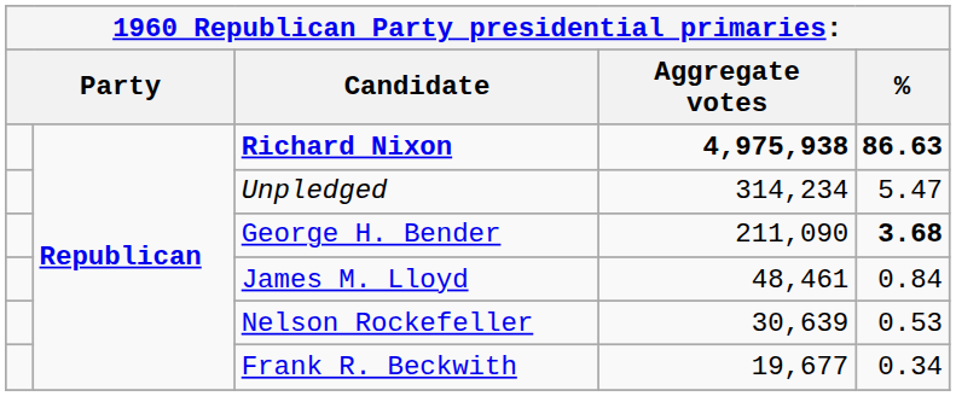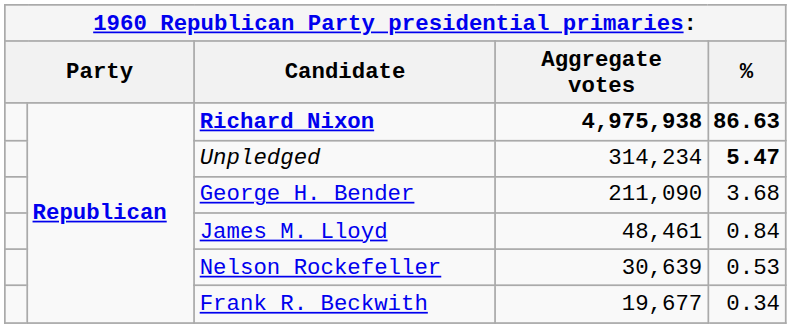 <table class="wikitable">
 <tr>
 <th colspan=6 style="background:#f5f5f5"><a href='#'>1960 Republican Party presidential primaries</a>:</th>
 </tr>
 <tr>
 <th style="width: 8em;" colspan=2>Party</th>
 <th>Candidate</th>
 <th>Aggregate votes</th>
 <th>%</th>
 </tr>
 <tr>
 <td style="background-color: "></td>
 <td style="width: 7em;" rowspan=6><strong><a href='#'>Republican</a></strong></td>
 <td style="width: 13em;"><strong><a href='#'>Richard Nixon</a></strong></td>
 <td style="width: 9em; text-align:right"><strong>4,975,938</strong></td>
 <td style="width: 3em; text-align:right"><strong>86.63</strong></td>
 </tr>
 <tr>
 <td style="background-color: "></td>
 <td><em>Unpledged</em></td>
 <td style="text-align:right">314,234</td>
-<td style="text-align:right">5.47</td>
+<td style="text-align:right"><strong>5.47</strong></td>
 </tr>
 <tr>
 <td style="background-color: "></td>
 <td><a href='#'>George H. Bender</a></td>
 <td style="text-align:right">211,090</td>
-<td style="text-align:right"><strong>3.68</strong></td>
+<td style="text-align:right">3.68</td>
 </tr>
 <tr>
 <td style="background-color: "></td>
 <td><a href='#'>James M. Lloyd</a></td>
 <td style="text-align:right">48,461</td>
 <td style="text-align:right">0.84</td>
 </tr>
 <tr>
 <td style="background-color: "></td>
 <td><a href='#'>Nelson Rockefeller</a></td>
 <td style="text-align:right">30,639</td>
 <td style="text-align:right">0.53</td>
 </tr>
 <tr>
 <td style="background-color: "></td>
 <td><a href='#'>Frank R. Beckwith</a></td>
 <td style="text-align:right">19,677</td>
 <td style="text-align:right">0.34</td>
 </tr>
 </table>
